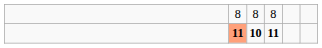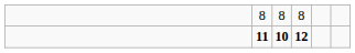 <table class="wikitable">
 <tr>
 <td style="width:18em"></td>
 <td align=center style="width:1em">8</td>
 <td align=center style="width:1em">8</td>
 <td align=center style="width:1em">8</td>
 <td align=center style="width:1em"></td>
 <td align=center style="width:1em"></td>
 </tr>
 <tr>
 <td style="width:18em"></td>
-<td align=center style="background: lightsalmon; width:1em"><strong>11</strong></td>
+<td align=center style="width:1em"><strong>11</strong></td>
 <td align=center style="width:1em"><strong>10</strong></td>
-<td align=center style="width:1em"><strong>11</strong></td>
+<td align=center style="width:1em"><strong>12</strong></td>
 <td align=center style="width:1em"></td>
 <td align=center style="width:1em"></td>
 </tr>
 </table>
